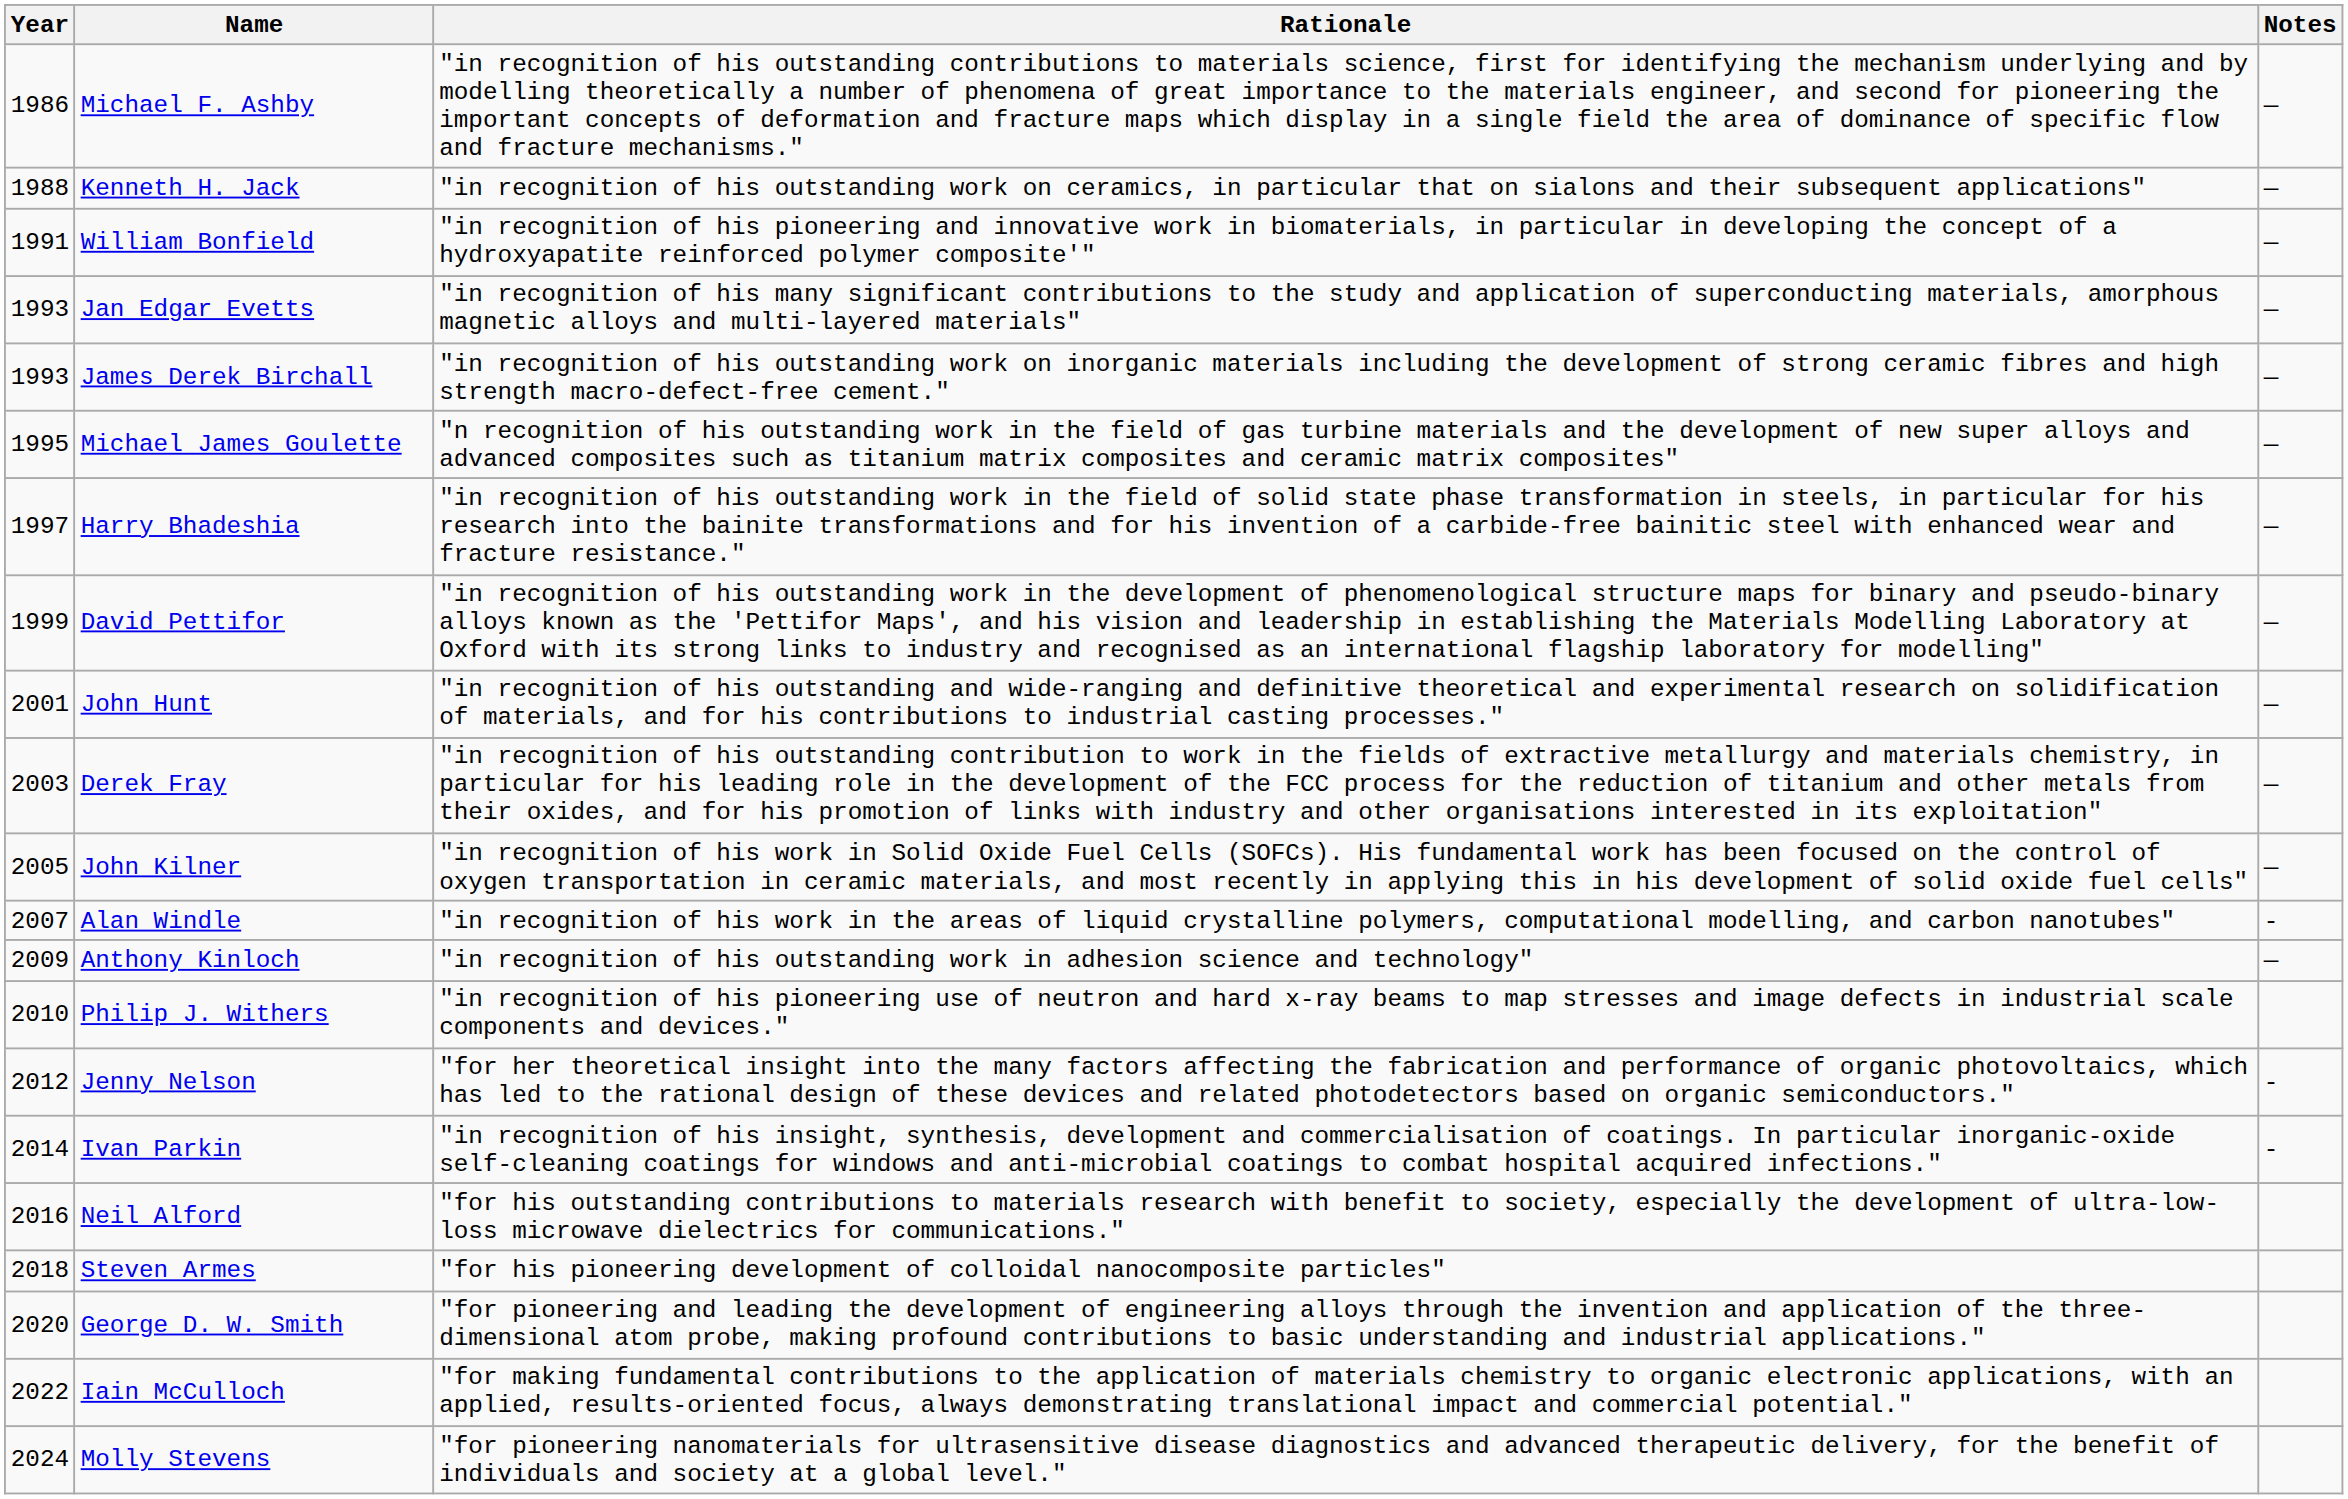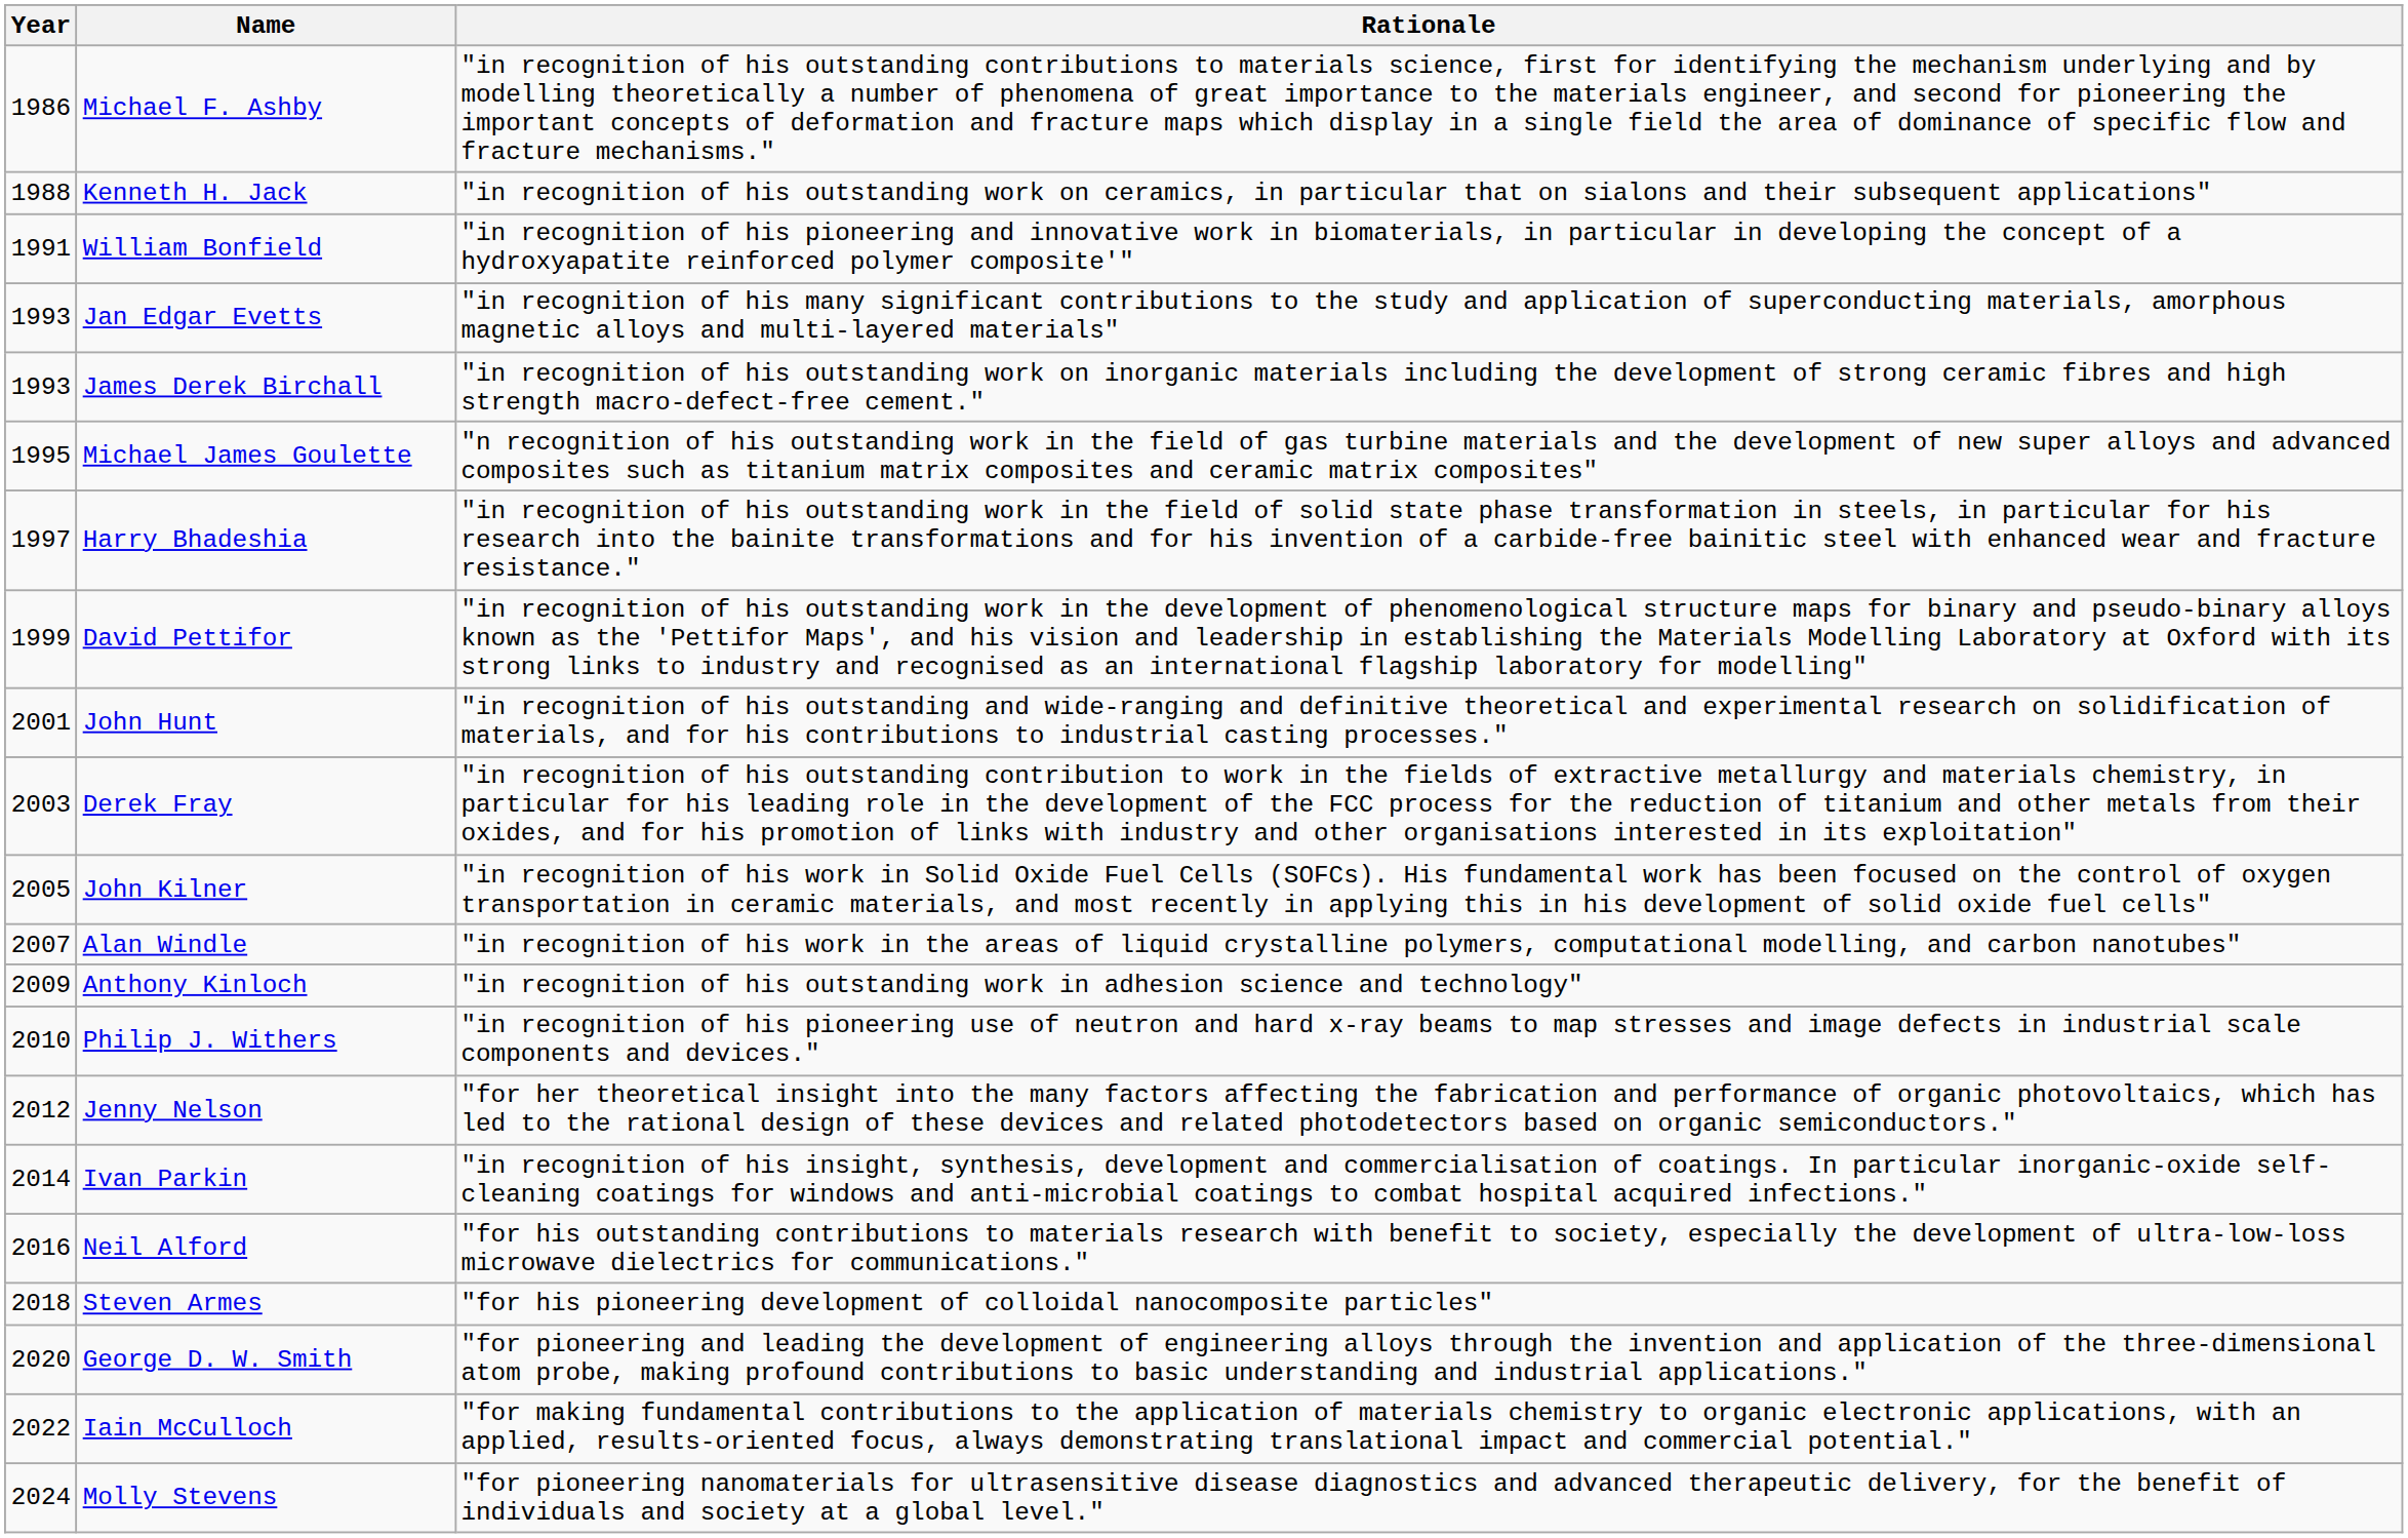 <table class="wikitable sortable" border="1" style="align:left;">
 <tr>
 <th width="4">Year</th>
 <th width="300" class="unsortable">Name</th>
 <th width="1800" class="unsortable">Rationale</th>
-<th width="1" class="unsortable">Notes</th>
 </tr>
 <tr>
 <td>1986</td>
 <td><a href='#'>Michael F. Ashby</a></td>
 <td>"in recognition of his outstanding contributions to materials science, first for identifying the mechanism underlying and by modelling theoretically a number of phenomena of great importance to the materials engineer, and second for pioneering the important concepts of deformation and fracture maps which display in a single field the area of dominance of specific flow and fracture mechanisms."</td>
-<td>—</td>
 </tr>
 <tr>
 <td>1988</td>
 <td><a href='#'>Kenneth H. Jack</a></td>
 <td>"in recognition of his outstanding work on ceramics, in particular that on sialons and their subsequent applications"</td>
-<td>—</td>
 </tr>
 <tr>
 <td>1991</td>
 <td><a href='#'>William Bonfield</a></td>
 <td>"in recognition of his pioneering and innovative work in biomaterials, in particular in developing the concept of a hydroxyapatite reinforced polymer composite'"</td>
-<td>—</td>
 </tr>
 <tr>
 <td>1993</td>
 <td><a href='#'>Jan Edgar Evetts</a></td>
 <td>"in recognition of his many significant contributions to the study and application of superconducting materials, amorphous magnetic alloys and multi-layered materials"</td>
-<td>—</td>
 </tr>
 <tr>
 <td>1993</td>
 <td><a href='#'>James Derek Birchall</a></td>
 <td>"in recognition of his outstanding work on inorganic materials including the development of strong ceramic fibres and high strength macro-defect-free cement."</td>
-<td>—</td>
 </tr>
 <tr>
 <td>1995</td>
 <td><a href='#'>Michael James Goulette</a></td>
 <td>"n recognition of his outstanding work in the field of gas turbine materials and the development of new super alloys and advanced composites such as titanium matrix composites and ceramic matrix composites"</td>
-<td>—</td>
 </tr>
 <tr>
 <td>1997</td>
 <td><a href='#'>Harry Bhadeshia</a></td>
 <td>"in recognition of his outstanding work in the field of solid state phase transformation in steels, in particular for his research into the bainite transformations and for his invention of a carbide-free bainitic steel with enhanced wear and fracture resistance."</td>
-<td>—</td>
 </tr>
 <tr>
 <td>1999</td>
 <td><a href='#'>David Pettifor</a></td>
 <td>"in recognition of his outstanding work in the development of phenomenological structure maps for binary and pseudo-binary alloys known as the 'Pettifor Maps', and his vision and leadership in establishing the Materials Modelling Laboratory at Oxford with its strong links to industry and recognised as an international flagship laboratory for modelling"</td>
-<td>—</td>
 </tr>
 <tr>
 <td>2001</td>
 <td><a href='#'>John Hunt</a></td>
 <td>"in recognition of his outstanding and wide-ranging and definitive theoretical and experimental research on solidification of materials, and for his contributions to industrial casting processes."</td>
-<td>—</td>
 </tr>
 <tr>
 <td>2003</td>
 <td><a href='#'>Derek Fray</a></td>
 <td>"in recognition of his outstanding contribution to work in the fields of extractive metallurgy and materials chemistry, in particular for his leading role in the development of the FCC process for the reduction of titanium and other metals from their oxides, and for his promotion of links with industry and other organisations interested in its exploitation"</td>
-<td>—</td>
 </tr>
 <tr>
 <td>2005</td>
 <td><a href='#'>John Kilner</a></td>
 <td>"in recognition of his work in Solid Oxide Fuel Cells (SOFCs). His fundamental work has been focused on the control of oxygen transportation in ceramic materials, and most recently in applying this in his development of solid oxide fuel cells"</td>
-<td>—</td>
 </tr>
 <tr>
 <td>2007</td>
 <td><a href='#'>Alan Windle</a></td>
 <td>"in recognition of his work in the areas of liquid crystalline polymers, computational modelling, and carbon nanotubes"</td>
-<td>-</td>
 </tr>
 <tr>
 <td>2009</td>
 <td><a href='#'>Anthony Kinloch</a></td>
 <td>"in recognition of his outstanding work in adhesion science and technology"</td>
-<td>—</td>
 </tr>
 <tr>
 <td>2010</td>
 <td><a href='#'>Philip J. Withers</a></td>
 <td>"in recognition of his pioneering use of neutron and hard x-ray beams to map stresses and image defects in industrial scale components and devices."</td>
-<td></td>
 </tr>
 <tr>
 <td>2012</td>
 <td><a href='#'>Jenny Nelson</a></td>
 <td>"for her theoretical insight into the many factors affecting the fabrication and performance of organic photovoltaics, which has led to the rational design of these devices and related photodetectors based on organic semiconductors."</td>
-<td>-</td>
 </tr>
 <tr>
 <td>2014</td>
 <td><a href='#'>Ivan Parkin</a></td>
 <td>"in recognition of his insight, synthesis, development and commercialisation of coatings.  In particular inorganic-oxide self-cleaning coatings for windows and anti-microbial coatings to combat hospital acquired infections."</td>
-<td>-</td>
 </tr>
 <tr>
 <td>2016</td>
 <td><a href='#'>Neil Alford</a></td>
 <td>"for his outstanding contributions to materials research with benefit to society, especially the development of ultra-low-loss microwave dielectrics for communications."</td>
-<td></td>
 </tr>
 <tr>
 <td>2018</td>
 <td><a href='#'>Steven Armes</a></td>
 <td>"for his pioneering development of colloidal nanocomposite particles"</td>
-<td></td>
 </tr>
 <tr>
 <td>2020</td>
 <td><a href='#'>George D. W. Smith</a></td>
 <td>"for pioneering and leading the development of engineering alloys through the invention and application of the three-dimensional atom probe, making profound contributions to basic understanding and industrial applications."</td>
-<td></td>
 </tr>
 <tr>
 <td>2022</td>
 <td><a href='#'>Iain McCulloch</a></td>
 <td>"for making fundamental contributions to the application of materials chemistry to organic electronic applications, with an applied, results-oriented focus, always demonstrating translational impact and commercial potential."</td>
-<td></td>
 </tr>
 <tr>
 <td>2024</td>
 <td><a href='#'>Molly Stevens</a></td>
 <td>"for pioneering nanomaterials for ultrasensitive disease diagnostics and advanced therapeutic delivery, for the benefit of individuals and society at a global level."</td>
-<td></td>
 </tr>
 </table>
